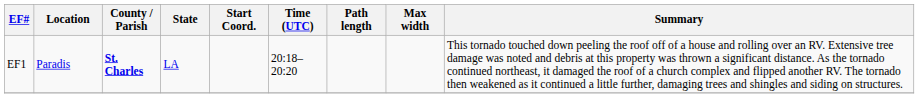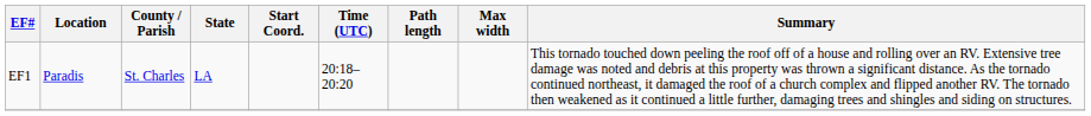 <table class="wikitable sortable" style="width:100%;">
 <tr>
 <th scope="col"  style="width:3%; text-align:center;"><a href='#'>EF#</a></th>
 <th scope="col"  style="width:7%; text-align:center;" class="unsortable">Location</th>
 <th scope="col"  style="width:6%; text-align:center;" class="unsortable">County / Parish</th>
 <th scope="col"  style="width:5%; text-align:center;">State</th>
 <th scope="col"  style="width:6%; text-align:center;">Start Coord.</th>
 <th scope="col"  style="width:6%; text-align:center;">Time (<a href='#'>UTC</a>)</th>
 <th scope="col"  style="width:6%; text-align:center;">Path length</th>
 <th scope="col"  style="width:6%; text-align:center;">Max width</th>
 <th scope="col" class="unsortable" style="width:48%; text-align:center;">Summary</th>
 </tr>
 <tr>
 <td>EF1</td>
 <td><a href='#'>Paradis</a></td>
-<td><strong><a href='#'>St. Charles</a></strong></td>
+<td><a href='#'>St. Charles</a></td>
 <td><a href='#'>LA</a></td>
 <td></td>
 <td>20:18–20:20</td>
 <td></td>
 <td></td>
 <td>This tornado touched down peeling the roof off of a house and rolling over an RV. Extensive tree damage was noted and debris at this property was thrown a significant distance. As the tornado continued northeast, it damaged the roof of a church complex and flipped another RV. The tornado then weakened as it continued a little further, damaging trees and shingles and siding on structures.</td>
 </tr>
 <tr>
 </tr>
 </table>
